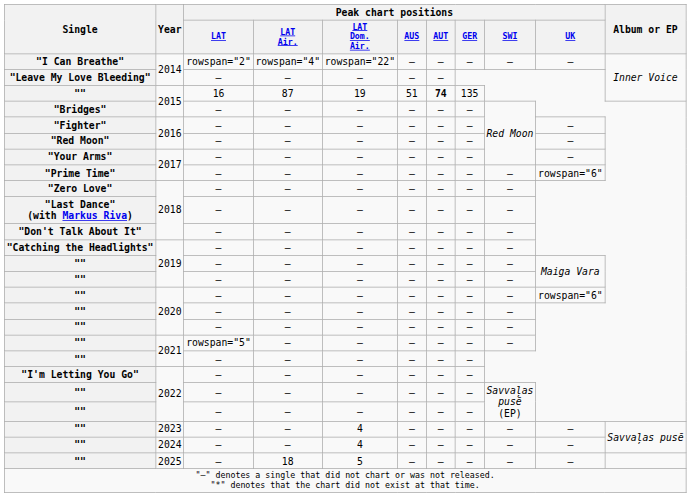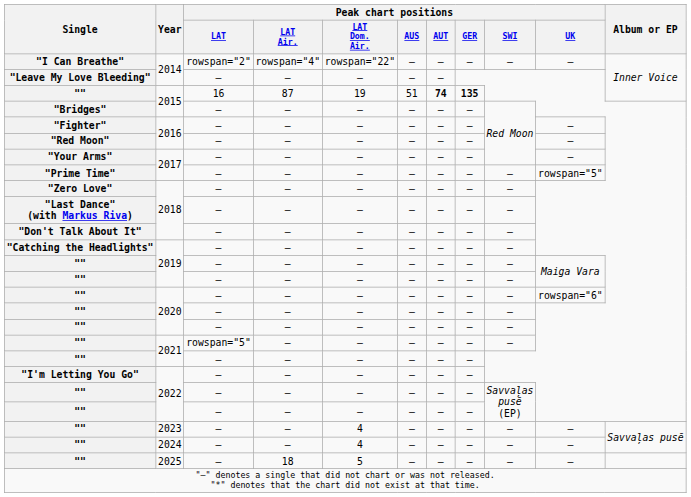 <table class="wikitable plainrowheaders" style="text-align:center;">
 <tr>
 <th scope="col" rowspan="2">Single</th>
 <th scope="col" rowspan="2">Year</th>
 <th colspan="8" scope="col">Peak chart positions</th>
 <th scope="col" rowspan="2">Album or EP</th>
 </tr>
 <tr>
 <th scope="col" style="width:3em;font-size:85%;"><a href='#'>LAT</a><br></th>
 <th scope="col" style="width:3em;font-size:85%;"><a href='#'>LAT<br>Air.</a><br></th>
 <th scope="col" style="width:3em;font-size:85%;"><a href='#'>LAT<br>Dom.<br>Air.</a><br></th>
 <th scope="col" style="width:3em;font-size:85%;"><a href='#'>AUS</a><br></th>
 <th scope="col" style="width:3em;font-size:85%;"><a href='#'>AUT</a><br></th>
 <th scope="col" style="width:3em;font-size:85%;"><a href='#'>GER</a><br></th>
 <th scope="col" style="width:3em;font-size:85%;"><a href='#'>SWI</a><br></th>
 <th scope="col" style="width:3em;font-size:85%;"><a href='#'>UK</a><br></th>
 </tr>
 <tr>
 <th scope="row">"I Can Breathe"</th>
 <td rowspan="2">2014</td>
 <td>rowspan="2" </td>
 <td>rowspan="4" </td>
 <td>rowspan="22" </td>
 <td>—</td>
 <td>—</td>
 <td>—</td>
 <td>—</td>
 <td>—</td>
 <td rowspan="3"><em>Inner Voice</em></td>
 </tr>
 <tr>
 <th scope="row">"Leave My Love Bleeding"</th>
 <td>—</td>
 <td>—</td>
 <td>—</td>
 <td>—</td>
 <td>—</td>
 </tr>
 <tr>
 <th scope="row">""</th>
 <td rowspan="2">2015</td>
 <td>16</td>
 <td>87</td>
 <td>19</td>
 <td>51</td>
 <td><strong>74</strong></td>
-<td>135</td>
+<td><strong>135</strong></td>
 </tr>
 <tr>
 <th scope="row">"Bridges"</th>
 <td>—</td>
 <td>—</td>
 <td>—</td>
 <td>—</td>
 <td>—</td>
 <td>—</td>
 <td rowspan="4"><em>Red Moon</em></td>
 </tr>
 <tr>
 <th scope="row">"Fighter"</th>
 <td rowspan="2">2016</td>
 <td>—</td>
 <td>—</td>
 <td>—</td>
 <td>—</td>
 <td>—</td>
 <td>—</td>
 <td>—</td>
 </tr>
 <tr>
 <th scope="row">"Red Moon"</th>
 <td>—</td>
 <td>—</td>
 <td>—</td>
 <td>—</td>
 <td>—</td>
 <td>—</td>
 <td>—</td>
 </tr>
 <tr>
 <th scope="row">"Your Arms"</th>
 <td rowspan="2">2017</td>
 <td>—</td>
 <td>—</td>
 <td>—</td>
 <td>—</td>
 <td>—</td>
 <td>—</td>
 <td>—</td>
 </tr>
 <tr>
 <th scope="row">"Prime Time"</th>
 <td>—</td>
 <td>—</td>
 <td>—</td>
 <td>—</td>
 <td>—</td>
 <td>—</td>
 <td>—</td>
-<td>rowspan="6" </td>
+<td>rowspan="5" </td>
 </tr>
 <tr>
 <th scope="row">"Zero Love"</th>
 <td rowspan="3">2018</td>
 <td>—</td>
 <td>—</td>
 <td>—</td>
 <td>—</td>
 <td>—</td>
 <td>—</td>
 <td>—</td>
 </tr>
 <tr>
 <th scope="row">"Last Dance"<br><span>(with <a href='#'>Markus Riva</a>)</span></th>
 <td>—</td>
 <td>—</td>
 <td>—</td>
 <td>—</td>
 <td>—</td>
 <td>—</td>
 <td>—</td>
 </tr>
 <tr>
 <th scope="row">"Don't Talk About It"</th>
 <td>—</td>
 <td>—</td>
 <td>—</td>
 <td>—</td>
 <td>—</td>
 <td>—</td>
 <td>—</td>
 </tr>
 <tr>
 <th scope="row">"Catching the Headlights"</th>
 <td rowspan="3">2019</td>
 <td>—</td>
 <td>—</td>
 <td>—</td>
 <td>—</td>
 <td>—</td>
 <td>—</td>
 <td>—</td>
 </tr>
 <tr>
 <th scope="row">""</th>
 <td>—</td>
 <td>—</td>
 <td>—</td>
 <td>—</td>
 <td>—</td>
 <td>—</td>
 <td>—</td>
 <td rowspan="2"><em>Maiga Vara</em></td>
 </tr>
 <tr>
 <th scope="row">""</th>
 <td>—</td>
 <td>—</td>
 <td>—</td>
 <td>—</td>
 <td>—</td>
 <td>—</td>
 <td>—</td>
 </tr>
 <tr>
 <th scope="row">""</th>
 <td rowspan="3">2020</td>
 <td>—</td>
 <td>—</td>
 <td>—</td>
 <td>—</td>
 <td>—</td>
 <td>—</td>
 <td>—</td>
 <td>rowspan="6" </td>
 </tr>
 <tr>
 <th scope="row">""</th>
 <td>—</td>
 <td>—</td>
 <td>—</td>
 <td>—</td>
 <td>—</td>
 <td>—</td>
 <td>—</td>
 </tr>
 <tr>
 <th scope="row">""</th>
 <td>—</td>
 <td>—</td>
 <td>—</td>
 <td>—</td>
 <td>—</td>
 <td>—</td>
 <td>—</td>
 </tr>
 <tr>
 <th scope="row">""</th>
 <td rowspan="2">2021</td>
 <td>rowspan="5" </td>
 <td>—</td>
 <td>—</td>
 <td>—</td>
 <td>—</td>
 <td>—</td>
 <td>—</td>
 </tr>
 <tr>
 <th scope="row">""</th>
 <td>—</td>
 <td>—</td>
 <td>—</td>
 <td>—</td>
 <td>—</td>
 <td>—</td>
 </tr>
 <tr>
 <th scope="row">"I'm Letting You Go"</th>
 <td rowspan="3">2022</td>
 <td>—</td>
 <td>—</td>
 <td>—</td>
 <td>—</td>
 <td>—</td>
 <td>—</td>
 </tr>
 <tr>
 <th scope="row">""<br></th>
 <td>—</td>
 <td>—</td>
 <td>—</td>
 <td>—</td>
 <td>—</td>
 <td>—</td>
 <td rowspan="2"><em>Savvaļas pusē</em> (EP)</td>
 </tr>
 <tr>
 <th scope="row">""</th>
 <td>—</td>
 <td>—</td>
 <td>—</td>
 <td>—</td>
 <td>—</td>
 <td>—</td>
 </tr>
 <tr>
 <th scope="row">""</th>
 <td>2023</td>
 <td>—</td>
 <td>—</td>
 <td>4</td>
 <td>—</td>
 <td>—</td>
 <td>—</td>
 <td>—</td>
 <td>—</td>
 <td rowspan="2"><em>Savvaļas pusē</em></td>
 </tr>
 <tr>
 <th scope="row">""<br></th>
 <td>2024</td>
 <td>—</td>
 <td>—</td>
 <td>4</td>
 <td>—</td>
 <td>—</td>
 <td>—</td>
 <td>—</td>
 <td>—</td>
 </tr>
 <tr>
 <th scope="row">""</th>
 <td>2025</td>
 <td>—</td>
 <td>18</td>
 <td>5</td>
 <td>—</td>
 <td>—</td>
 <td>—</td>
 <td>—</td>
 <td>—</td>
 <td></td>
 </tr>
 <tr>
 <td colspan="11" style="font-size:85%">"—" denotes a single that did not chart or was not released.<br>"*" denotes that the chart did not exist at that time.</td>
 </tr>
 </table>
